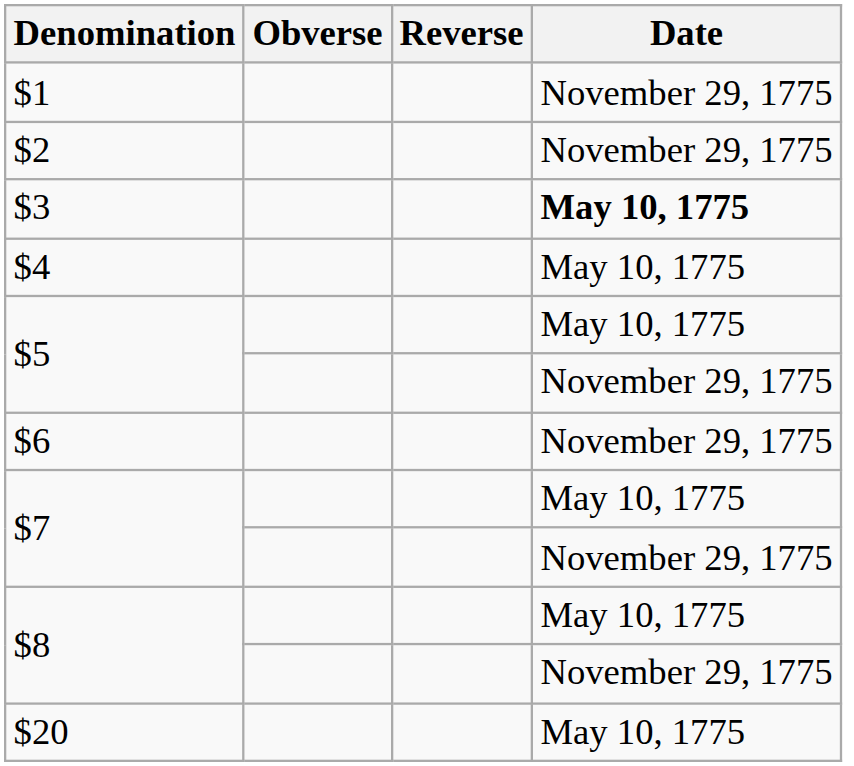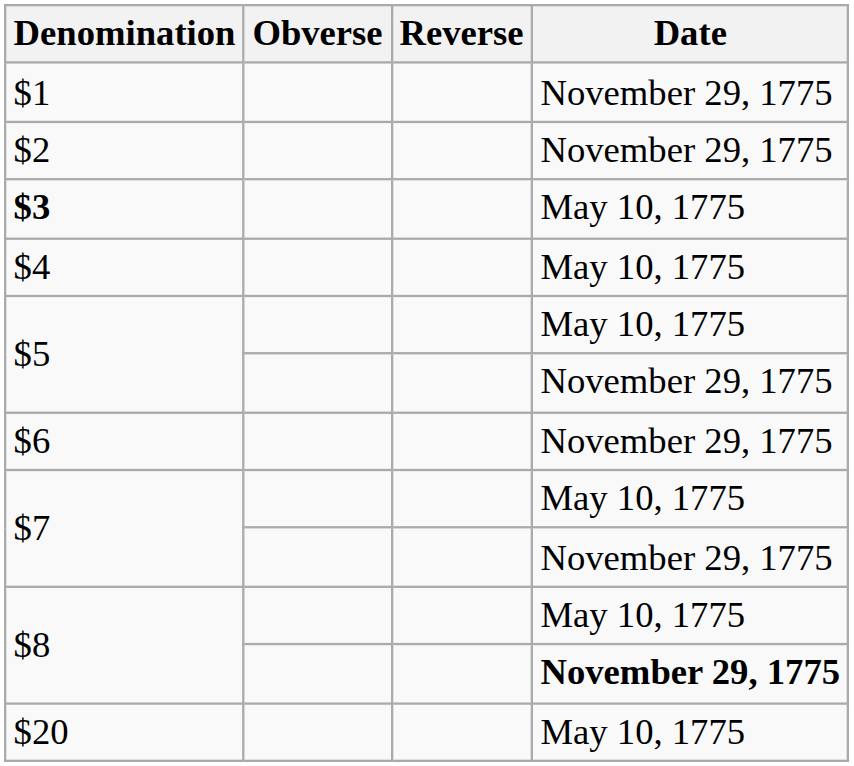 <table class="wikitable">
 <tr>
 <th>Denomination</th>
 <th>Obverse</th>
 <th>Reverse</th>
 <th>Date</th>
 </tr>
 <tr>
 <td>$1</td>
 <td></td>
 <td></td>
 <td>November 29, 1775</td>
 </tr>
 <tr>
 <td>$2</td>
 <td></td>
 <td></td>
 <td>November 29, 1775</td>
 </tr>
 <tr>
-<td>$3</td>
+<td><strong>$3</strong></td>
 <td></td>
 <td></td>
-<td><strong>May 10, 1775</strong></td>
+<td>May 10, 1775</td>
 </tr>
 <tr>
 <td>$4</td>
 <td></td>
 <td></td>
 <td>May 10, 1775</td>
 </tr>
 <tr>
 <td rowspan="2">$5</td>
 <td></td>
 <td></td>
 <td>May 10, 1775</td>
 </tr>
 <tr>
 <td></td>
 <td></td>
 <td>November 29, 1775</td>
 </tr>
 <tr>
 <td>$6</td>
 <td></td>
 <td></td>
 <td>November 29, 1775</td>
 </tr>
 <tr>
 <td rowspan="2">$7</td>
 <td></td>
 <td></td>
 <td>May 10, 1775</td>
 </tr>
 <tr>
 <td></td>
 <td></td>
 <td>November 29, 1775</td>
 </tr>
 <tr>
 <td rowspan="2">$8</td>
 <td></td>
 <td></td>
 <td>May 10, 1775</td>
 </tr>
 <tr>
 <td></td>
 <td></td>
-<td>November 29, 1775</td>
+<td><strong>November 29, 1775</strong></td>
 </tr>
 <tr>
 <td>$20</td>
 <td></td>
 <td></td>
 <td>May 10, 1775</td>
 </tr>
 </table>
